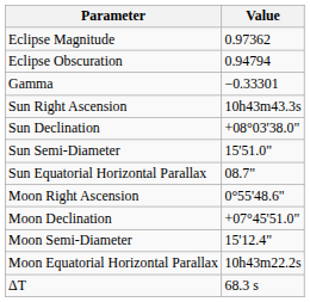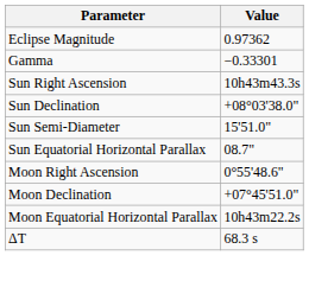 <table class="wikitable">
 <tr>
 <th>Parameter</th>
 <th>Value</th>
 </tr>
 <tr>
 <td>Eclipse Magnitude</td>
 <td>0.97362</td>
-</tr>
-<tr>
-<td>Eclipse Obscuration</td>
-<td>0.94794</td>
 </tr>
 <tr>
 <td>Gamma</td>
 <td>−0.33301</td>
 </tr>
 <tr>
 <td>Sun Right Ascension</td>
 <td>10h43m43.3s</td>
 </tr>
 <tr>
 <td>Sun Declination</td>
 <td>+08°03'38.0"</td>
 </tr>
 <tr>
 <td>Sun Semi-Diameter</td>
 <td>15'51.0"</td>
 </tr>
 <tr>
 <td>Sun Equatorial Horizontal Parallax</td>
 <td>08.7"</td>
 </tr>
 <tr>
 <td>Moon Right Ascension</td>
 <td>0°55'48.6"</td>
 </tr>
 <tr>
 <td>Moon Declination</td>
 <td>+07°45'51.0"</td>
 </tr>
 <tr>
-<td>Moon Semi-Diameter</td>
-<td>15'12.4"</td>
-</tr>
-<tr>
 <td>Moon Equatorial Horizontal Parallax</td>
 <td>10h43m22.2s</td>
 </tr>
 <tr>
 <td>ΔT</td>
 <td>68.3 s</td>
 </tr>
 </table>
